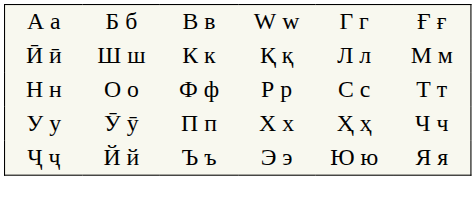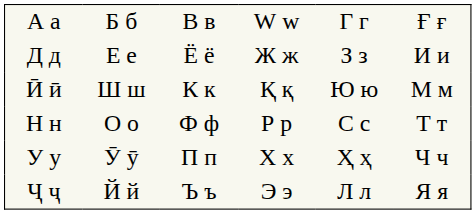 <table style="font-family:Arial Unicode MS; font-size:1.4em; border-color:black; border-width:1px; border-style:solid; border-collapse:collapse; background-color:#F8F8EF">
 <tr>
 <td style="width:3em; text-align:center; padding: 3px;">А а</td>
 <td style="width:3em; text-align:center; padding: 3px;">Б б</td>
 <td style="width:3em; text-align:center; padding: 3px;">В в</td>
 <td style="width:3em; text-align:center; padding: 3px;">Ԝ ԝ</td>
 <td style="width:3em; text-align:center; padding: 3px;">Г г</td>
 <td style="width:3em; text-align:center; padding: 3px;">Ғ ғ</td>
 </tr>
 <tr>
+<td style="width:3em; text-align:center; padding: 3px;">Д д</td>
+<td style="width:3em; text-align:center; padding: 3px;">Е е</td>
+<td style="width:3em; text-align:center; padding: 3px;">Ё ё</td>
+<td style="width:3em; text-align:center; padding: 3px;">Ж ж</td>
+<td style="width:3em; text-align:center; padding: 3px;">З з</td>
+<td style="width:3em; text-align:center; padding: 3px;">И и</td>
+</tr>
+<tr>
 <td style="width:3em; text-align:center; padding: 3px;">Ӣ ӣ</td>
 <td style="width:3em; text-align:center; padding: 3px;">Ш ш</td>
 <td style="width:3em; text-align:center; padding: 3px;">К к</td>
 <td style="width:3em; text-align:center; padding: 3px;">Қ қ</td>
-<td style="width:3em; text-align:center; padding: 3px;">Л л</td>
+<td style="width:3em; text-align:center; padding: 3px;">Ю ю</td>
 <td style="width:3em; text-align:center; padding: 3px;">М м</td>
 </tr>
 <tr>
 <td style="width:3em; text-align:center; padding: 3px;">Н н</td>
 <td style="width:3em; text-align:center; padding: 3px;">О о</td>
 <td style="width:3em; text-align:center; padding: 3px;">Ф ф</td>
 <td style="width:3em; text-align:center; padding: 3px;">Р р</td>
 <td style="width:3em; text-align:center; padding: 3px;">С с</td>
 <td style="width:3em; text-align:center; padding: 3px;">Т т</td>
 </tr>
 <tr>
 <td style="width:3em; text-align:center; padding: 3px;">У у</td>
 <td style="width:3em; text-align:center; padding: 3px;">Ӯ ӯ</td>
 <td style="width:3em; text-align:center; padding: 3px;">П п</td>
 <td style="width:3em; text-align:center; padding: 3px;">Х х</td>
 <td style="width:3em; text-align:center; padding: 3px;">Ҳ ҳ</td>
 <td style="width:3em; text-align:center; padding: 3px;">Ч ч</td>
 </tr>
 <tr>
 <td style="width:3em; text-align:center; padding: 3px;">Ҷ ҷ</td>
 <td style="width:3em; text-align:center; padding: 3px;">Й й</td>
 <td style="width:3em; text-align:center; padding: 3px;">Ъ ъ</td>
 <td style="width:3em; text-align:center; padding: 3px;">Э э</td>
-<td style="width:3em; text-align:center; padding: 3px;">Ю ю</td>
+<td style="width:3em; text-align:center; padding: 3px;">Л л</td>
 <td style="width:3em; text-align:center; padding: 3px;">Я я</td>
 </tr>
 </table>
